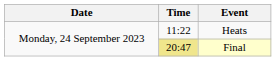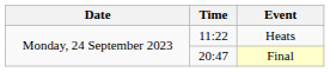 <table class = "wikitable" style="text-align:center;">
 <tr>
 <th width=220>Date</th>
 <th width=50>Time</th>
 <th width=100>Event</th>
 </tr>
 <tr>
 <td rowspan=2>Monday, 24 September 2023</td>
 <td>11:22</td>
 <td>Heats</td>
 </tr>
 <tr>
-<td style="background: khaki;">20:47</td>
+<td>20:47</td>
 <td bgcolor=ffffcc>Final</td>
 </tr>
 </table>
